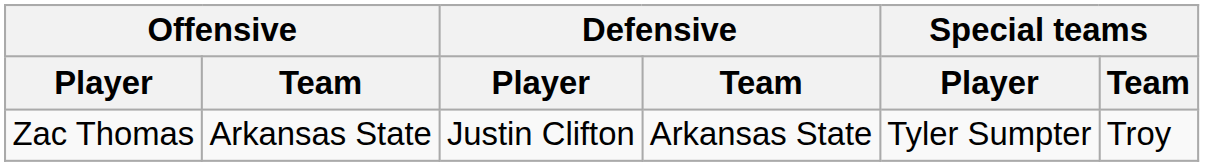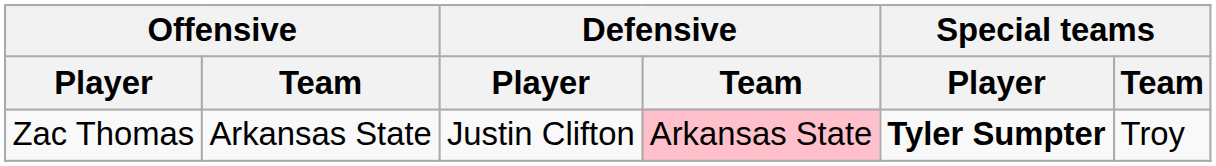 <table class="wikitable">
 <tr>
 <th colspan="2">Offensive</th>
 <th colspan="2">Defensive</th>
 <th colspan="2">Special teams</th>
 </tr>
 <tr>
 <th>Player</th>
 <th>Team</th>
 <th>Player</th>
 <th>Team</th>
 <th>Player</th>
 <th>Team</th>
 </tr>
 <tr>
 <td>Zac Thomas</td>
 <td>Arkansas State</td>
 <td>Justin Clifton</td>
-<td>Arkansas State</td>
-<td>Tyler Sumpter</td>
+<td style="background: pink;">Arkansas State</td>
+<td><strong>Tyler Sumpter</strong></td>
 <td>Troy</td>
 </tr>
 </table>
